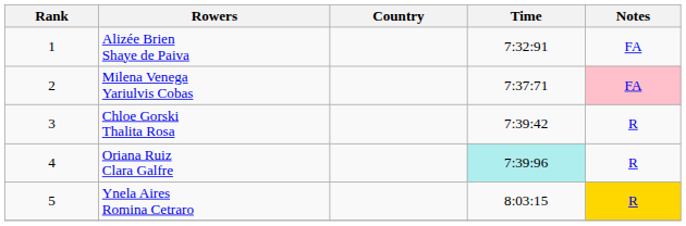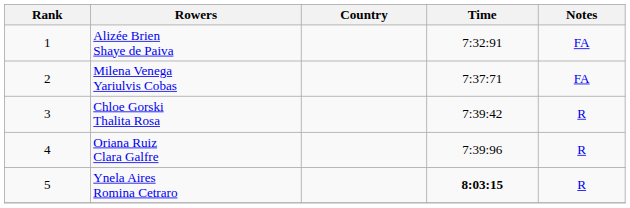 <table class="wikitable" width=60% style="text-align:center">
 <tr>
 <th>Rank</th>
 <th>Rowers</th>
 <th>Country</th>
 <th>Time</th>
 <th>Notes</th>
 </tr>
 <tr>
 <td>1</td>
 <td align=left><a href='#'>Alizée Brien</a><br><a href='#'>Shaye de Paiva</a></td>
 <td align=left></td>
 <td>7:32:91</td>
 <td><a href='#'>FA</a></td>
 </tr>
 <tr>
 <td>2</td>
 <td align=left><a href='#'>Milena Venega</a><br><a href='#'>Yariulvis Cobas</a></td>
 <td align=left></td>
 <td>7:37:71</td>
-<td style="background: pink;"><a href='#'>FA</a></td>
+<td><a href='#'>FA</a></td>
 </tr>
 <tr>
 <td>3</td>
 <td align=left><a href='#'>Chloe Gorski</a><br><a href='#'>Thalita Rosa</a></td>
 <td align=left></td>
 <td>7:39:42</td>
 <td><a href='#'>R</a></td>
 </tr>
 <tr>
 <td>4</td>
 <td align=left><a href='#'>Oriana Ruiz</a><br><a href='#'>Clara Galfre</a></td>
 <td align=left></td>
-<td style="background: paleturquoise;">7:39:96</td>
+<td>7:39:96</td>
 <td><a href='#'>R</a></td>
 </tr>
 <tr>
 <td>5</td>
 <td align=left><a href='#'>Ynela Aires</a><br><a href='#'>Romina Cetraro</a></td>
 <td align=left></td>
-<td>8:03:15</td>
-<td style="background: gold;"><a href='#'>R</a></td>
+<td><strong>8:03:15</strong></td>
+<td><a href='#'>R</a></td>
 </tr>
 <tr>
 </tr>
 </table>
